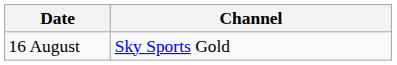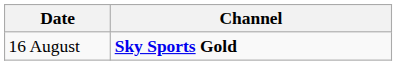 <table class="wikitable">
 <tr>
 <th width=90>Date</th>
 <th width=250>Channel</th>
 </tr>
 <tr>
 <td>16 August</td>
-<td><a href='#'>Sky Sports</a> Gold</td>
+<td><strong><a href='#'>Sky Sports</a> Gold</strong></td>
 </tr>
 </table>
